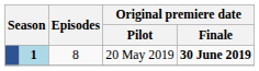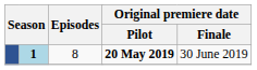 <table class="wikitable" style="text-align: center;">
 <tr>
 <th colspan="2" rowspan="2">Season</th>
 <th colspan="2" rowspan="2">Episodes</th>
 <th colspan="2">Original premiere date</th>
 </tr>
 <tr>
 <th>Pilot</th>
 <th>Finale</th>
 </tr>
 <tr>
 <td scope="row" style="background:#2E5392; color:#100; text-align:center;"></td>
 <td style="background: lightblue;"><strong>1</strong></td>
 <td colspan="2">8</td>
-<td>20 May 2019</td>
-<td><strong>30 June 2019</strong></td>
+<td><strong>20 May 2019</strong></td>
+<td>30 June 2019</td>
 </tr>
 <tr>
 </tr>
 </table>
